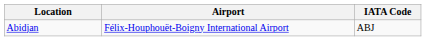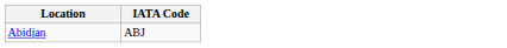 <table class="wikitable">
 <tr>
 <th scope="col" style="width:150px;"><strong>Location</strong></th>
-<th scope="col" style="width:400px;"><strong>Airport</strong></th>
 <th scope="col" style="width:100px;"><strong>IATA Code</strong></th>
 </tr>
 <tr>
 <td><a href='#'>Abidjan</a></td>
-<td><a href='#'>Félix-Houphouët-Boigny International Airport</a></td>
 <td>ABJ</td>
 </tr>
 </table>
